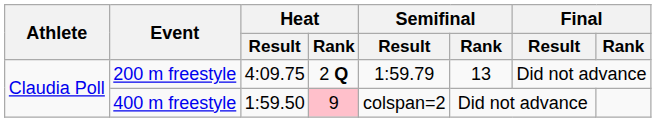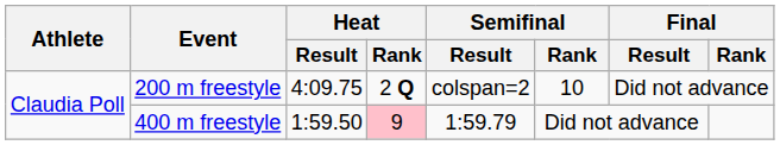 <table class="wikitable" style="font-size:90%;">
 <tr>
 <th rowspan="2">Athlete</th>
 <th rowspan="2">Event</th>
 <th colspan="2">Heat</th>
 <th colspan="2">Semifinal</th>
 <th colspan="2">Final</th>
 </tr>
 <tr style="font-size:95%">
 <th>Result</th>
 <th>Rank</th>
 <th>Result</th>
 <th>Rank</th>
 <th>Result</th>
 <th>Rank</th>
 </tr>
 <tr align=center>
 <td align=left rowspan=2><a href='#'>Claudia Poll</a></td>
 <td align=left><a href='#'>200 m freestyle</a></td>
 <td>4:09.75</td>
 <td>2 <strong>Q</strong></td>
-<td>1:59.79</td>
-<td>13</td>
+<td>colspan=2 </td>
+<td>10</td>
 <td colspan=2>Did not advance</td>
 </tr>
 <tr align=center>
 <td align=left><a href='#'>400 m freestyle</a></td>
 <td>1:59.50</td>
 <td style="background: pink;">9</td>
-<td>colspan=2 </td>
+<td>1:59.79</td>
 <td colspan=2>Did not advance</td>
 </tr>
 </table>
